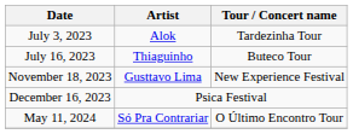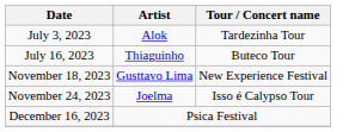 <table class="wikitable" style="text-align:center;">
 <tr>
 <th style="text-align:center;">Date</th>
 <th style="text-align:center;">Artist</th>
 <th style="text-align:center;">Tour / Concert name</th>
 </tr>
 <tr>
 <td>July 3, 2023</td>
 <td><a href='#'>Alok</a></td>
 <td>Tardezinha Tour</td>
 </tr>
 <tr>
 <td>July 16, 2023</td>
 <td><a href='#'>Thiaguinho</a></td>
 <td>Buteco Tour</td>
 </tr>
 <tr>
 <td>November 18, 2023</td>
 <td><a href='#'>Gusttavo Lima</a></td>
 <td>New Experience Festival</td>
 </tr>
 <tr>
+<td>November 24, 2023</td>
+<td><a href='#'>Joelma</a></td>
+<td>Isso é Calypso Tour</td>
+</tr>
+<tr>
 <td>December 16, 2023</td>
 <td colspan="2">Psica Festival</td>
 </tr>
 <tr>
-<td>May 11, 2024</td>
-<td><a href='#'>Só Pra Contrariar</a></td>
-<td>O Último Encontro Tour</td>
-</tr>
-<tr>
 </tr>
 </table>
